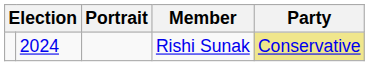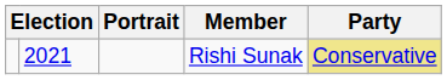 <table class="wikitable">
 <tr>
 <th colspan="2">Election</th>
 <th>Portrait</th>
 <th>Member</th>
 <th>Party</th>
 </tr>
 <tr>
 <td style="color:inherit;background-color: "></td>
-<td><a href='#'>2024</a></td>
+<td><a href='#'>2021</a></td>
 <td></td>
 <td><a href='#'>Rishi Sunak</a></td>
 <td style="background: khaki;"><a href='#'>Conservative</a></td>
 </tr>
 </table>
